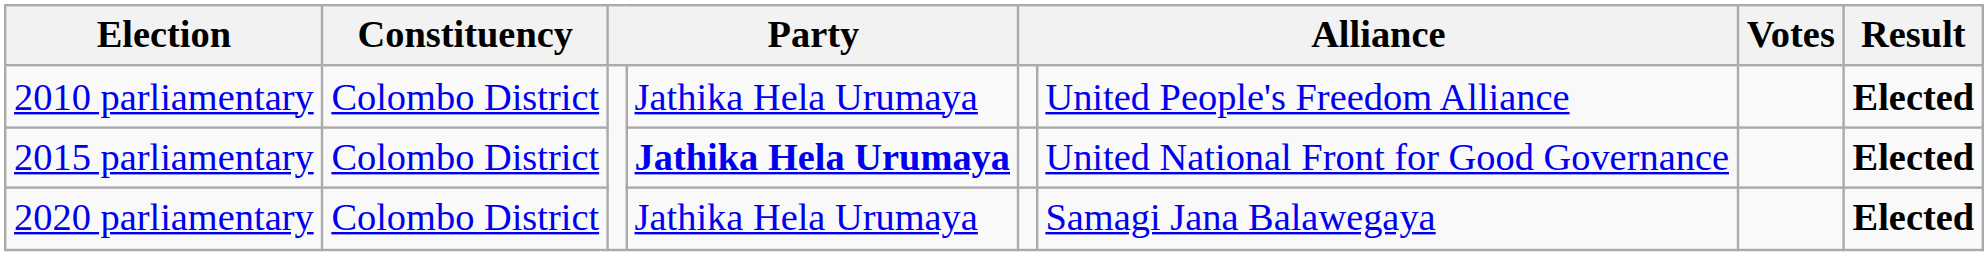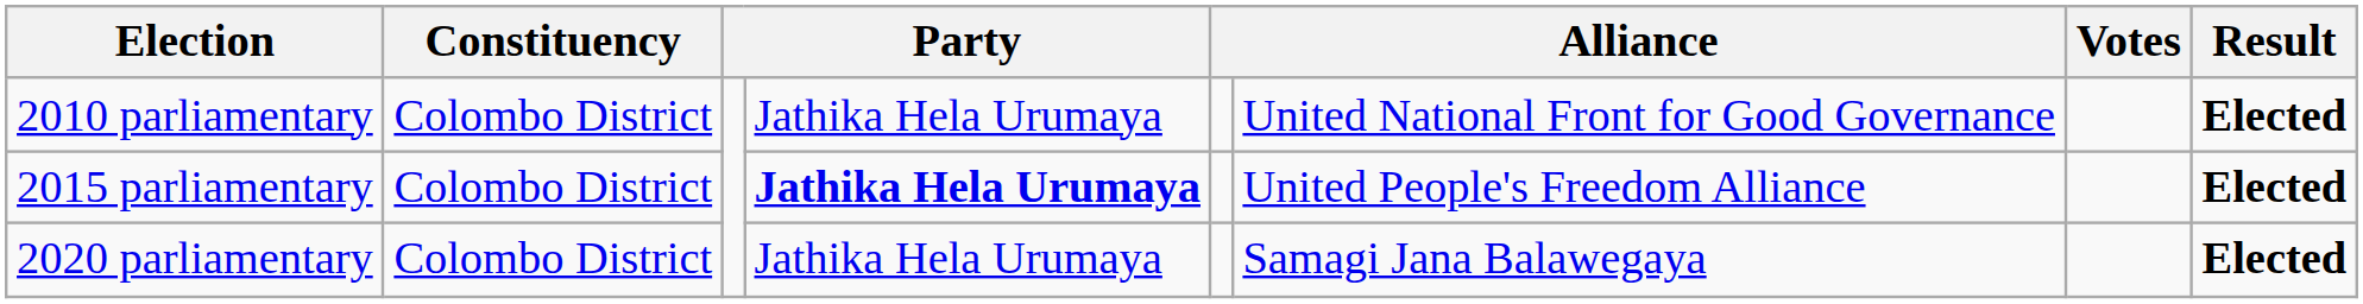 <table class="wikitable" style="text-align:left;">
 <tr>
 <th scope=col>Election</th>
 <th scope=col>Constituency</th>
 <th scope=col colspan="2">Party</th>
 <th scope=col colspan="2">Alliance</th>
 <th scope=col>Votes</th>
 <th scope=col>Result</th>
 </tr>
 <tr>
 <td><a href='#'>2010 parliamentary</a></td>
 <td><a href='#'>Colombo District</a></td>
 <td rowspan="3" style="background:"></td>
 <td><a href='#'>Jathika Hela Urumaya</a></td>
 <td style="background:"></td>
-<td><a href='#'>United People's Freedom Alliance</a></td>
+<td><a href='#'>United National Front for Good Governance</a></td>
 <td align=right></td>
 <td><strong>Elected</strong></td>
 </tr>
 <tr>
 <td><a href='#'>2015 parliamentary</a></td>
 <td><a href='#'>Colombo District</a></td>
 <td><strong><a href='#'>Jathika Hela Urumaya</a></strong></td>
 <td style="background:"></td>
-<td><a href='#'>United National Front for Good Governance</a></td>
+<td><a href='#'>United People's Freedom Alliance</a></td>
 <td align=right></td>
 <td><strong>Elected</strong></td>
 </tr>
 <tr>
 <td><a href='#'>2020 parliamentary</a></td>
 <td><a href='#'>Colombo District</a></td>
 <td><a href='#'>Jathika Hela Urumaya</a></td>
 <td style="background:"></td>
 <td><a href='#'>Samagi Jana Balawegaya</a></td>
 <td align=right></td>
 <td><strong>Elected</strong></td>
 </tr>
 </table>
